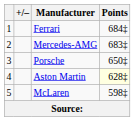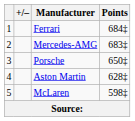 <table class="wikitable" style="font-size: 95%;">
 <tr>
 <th scope="col"></th>
 <th scope="col">+/–</th>
 <th scope="col">Manufacturer</th>
 <th scope="col">Points</th>
 </tr>
 <tr>
 <td align=center>1</td>
 <td align="left"></td>
 <td> <a href='#'>Ferrari</a></td>
 <td align=right>684‡</td>
 </tr>
 <tr>
 <td align=center>2</td>
 <td align="left"></td>
 <td> <a href='#'>Mercedes-AMG</a></td>
 <td align=right>683‡</td>
 </tr>
 <tr>
 <td align=center>3</td>
 <td align="left"></td>
 <td> <a href='#'>Porsche</a></td>
 <td align=right>650‡</td>
 </tr>
 <tr>
 <td align=center>4</td>
 <td align="left"></td>
 <td> <a href='#'>Aston Martin</a></td>
-<td align=right style="background: lightyellow;">628‡</td>
+<td align=right>628‡</td>
 </tr>
 <tr>
 <td align=center>5</td>
 <td align="left"></td>
 <td> <a href='#'>McLaren</a></td>
 <td align=right>598‡</td>
 </tr>
 <tr>
 <th colspan=5>Source:</th>
 </tr>
 </table>
